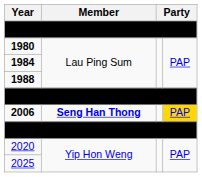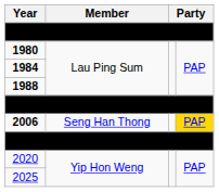 <table class="wikitable" align="center" style="text-align:center">
 <tr>
 <th>Year</th>
 <th>Member</th>
 <th colspan="2">Party</th>
 </tr>
 <tr>
 <td colspan=4 bgcolor=black><span><strong>Formation</strong></span></td>
 </tr>
 <tr>
 <td><strong>1980</strong></td>
 <td rowspan="3">Lau Ping Sum</td>
 <td rowspan="3"></td>
 <td rowspan="3"><a href='#'>PAP</a></td>
 </tr>
 <tr>
 <td><strong>1984</strong></td>
 </tr>
 <tr>
 <td><strong>1988</strong></td>
 </tr>
 <tr>
 <td colspan=4 bgcolor=black><span><strong>Constituency abolished (1991 – 2006)</strong></span></td>
 </tr>
 <tr>
 <td><strong>2006</strong></td>
-<td><strong><a href='#'>Seng Han Thong</a></strong></td>
+<td><a href='#'>Seng Han Thong</a></td>
 <td></td>
 <td style="background: gold;"><a href='#'>PAP</a></td>
 </tr>
 <tr>
 <td colspan=4 bgcolor=black><span><strong>Constituency abolished (2011 – 2020)</strong></span></td>
 </tr>
 <tr>
 <td><a href='#'>2020</a></td>
 <td rowspan="2"><a href='#'>Yip Hon Weng</a></td>
 <td rowspan="2"></td>
 <td rowspan="2"><a href='#'>PAP</a></td>
 </tr>
 <tr>
 <td><a href='#'>2025</a></td>
 </tr>
 </table>
